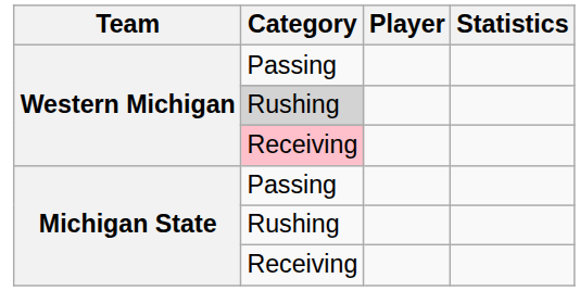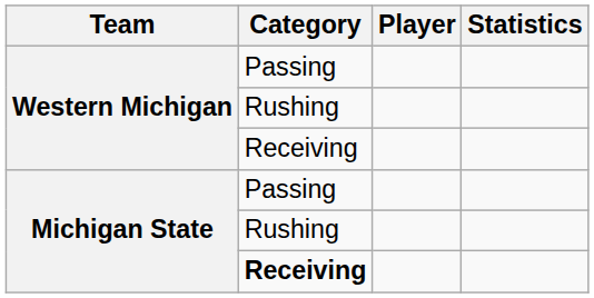 <table class="wikitable" style="float:right">
 <tr>
 <th>Team</th>
 <th>Category</th>
 <th>Player</th>
 <th>Statistics</th>
 </tr>
 <tr>
 <th rowspan=3>Western Michigan</th>
 <td>Passing</td>
 <td></td>
 <td></td>
 </tr>
 <tr>
-<td style="background: lightgrey;">Rushing</td>
+<td>Rushing</td>
 <td></td>
 <td></td>
 </tr>
 <tr>
-<td style="background: pink;">Receiving</td>
+<td>Receiving</td>
 <td></td>
 <td></td>
 </tr>
 <tr>
 <th rowspan=3>Michigan State</th>
 <td>Passing</td>
 <td></td>
 <td></td>
 </tr>
 <tr>
 <td>Rushing</td>
 <td></td>
 <td></td>
 </tr>
 <tr>
-<td>Receiving</td>
+<td><strong>Receiving</strong></td>
 <td></td>
 <td></td>
 </tr>
 </table>
